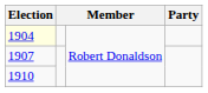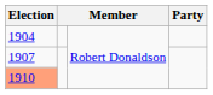 <table class="wikitable">
 <tr>
 <th>Election</th>
 <th colspan="2">Member</th>
 <th>Party</th>
 </tr>
 <tr>
-<td style="background: lightyellow;"><a href='#'>1904</a></td>
+<td><a href='#'>1904</a></td>
 <td> </td>
 <td rowspan="3"><a href='#'>Robert Donaldson</a></td>
 <td></td>
 </tr>
 <tr>
 <td><a href='#'>1907</a></td>
 <td rowspan="2" > </td>
 <td rowspan="2"></td>
 </tr>
 <tr>
-<td><a href='#'>1910</a></td>
+<td style="background: lightsalmon;"><a href='#'>1910</a></td>
 </tr>
 </table>
